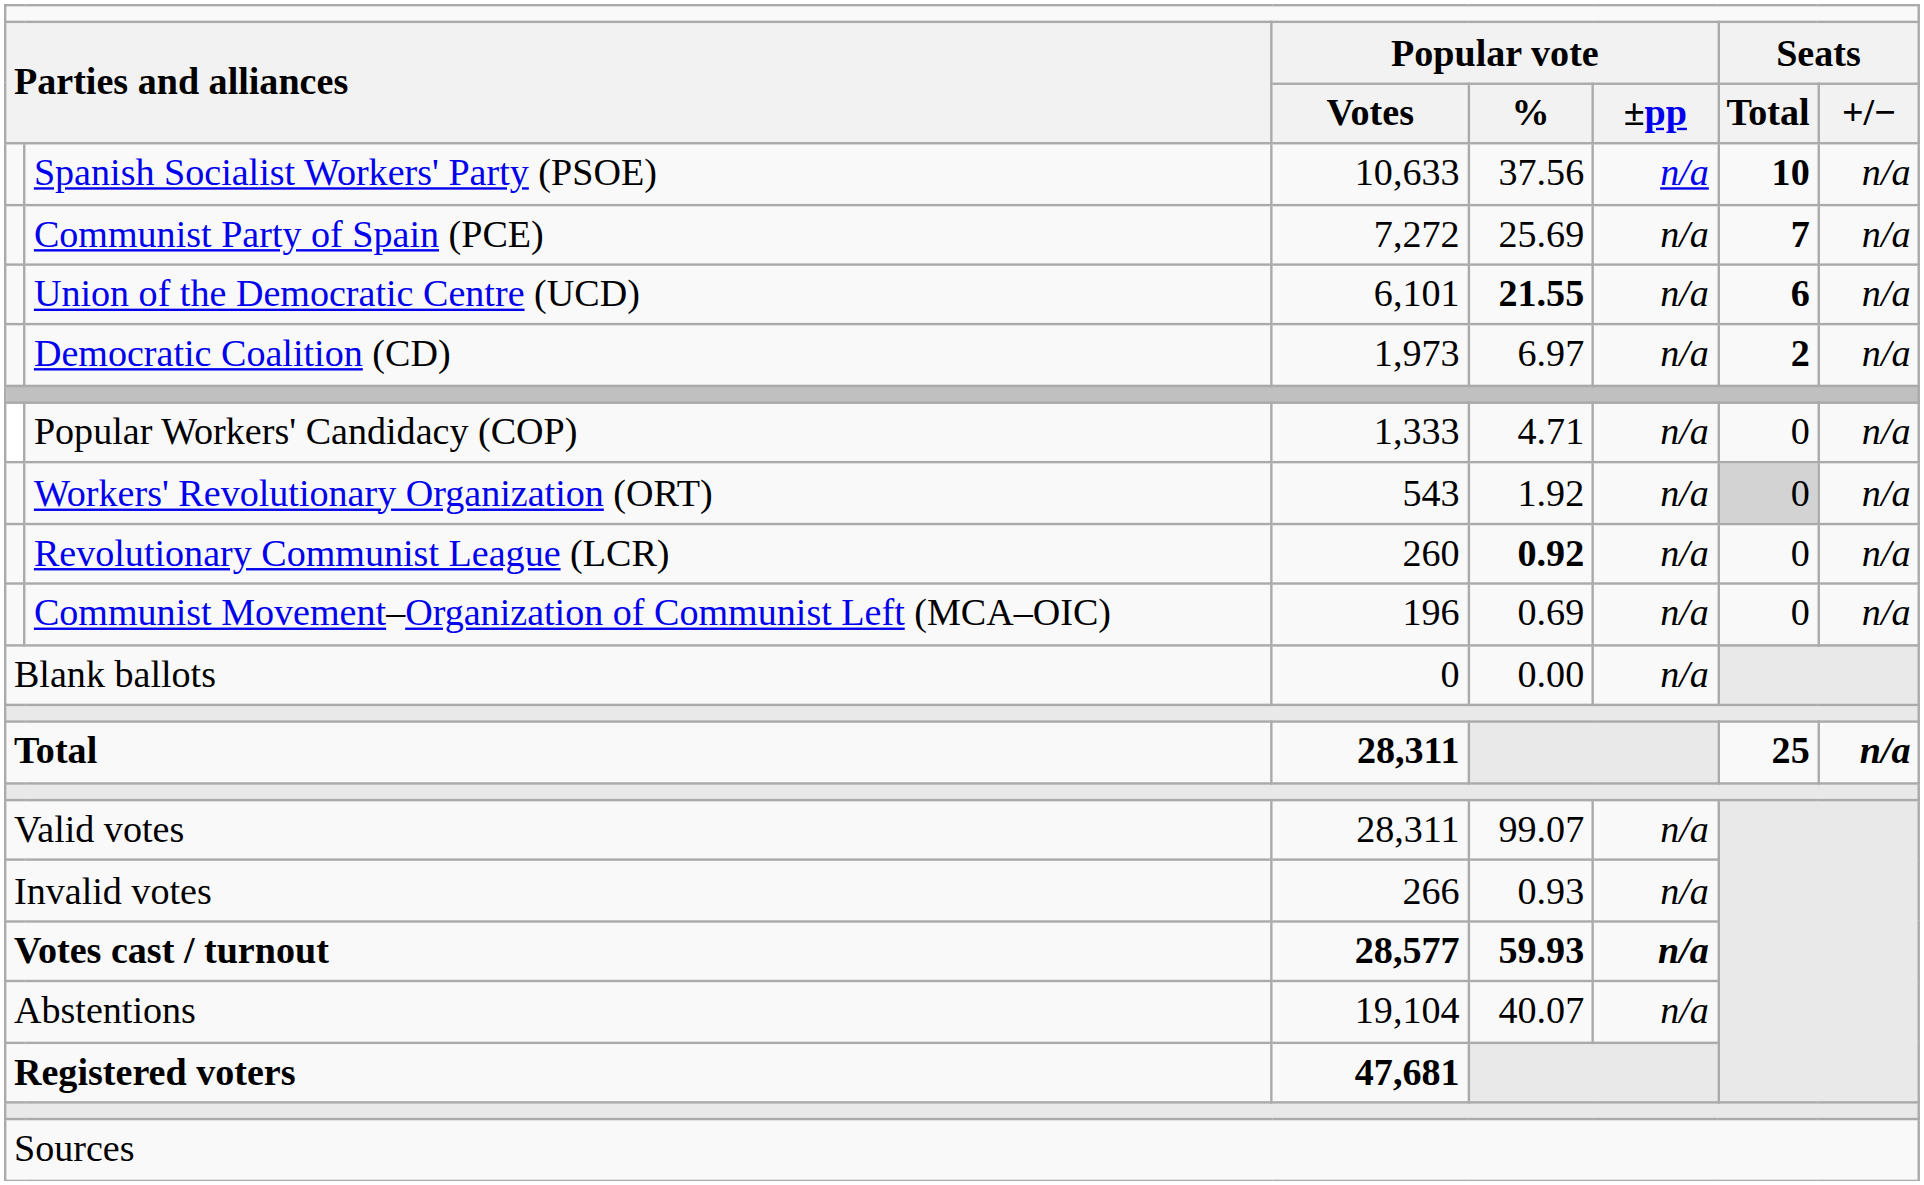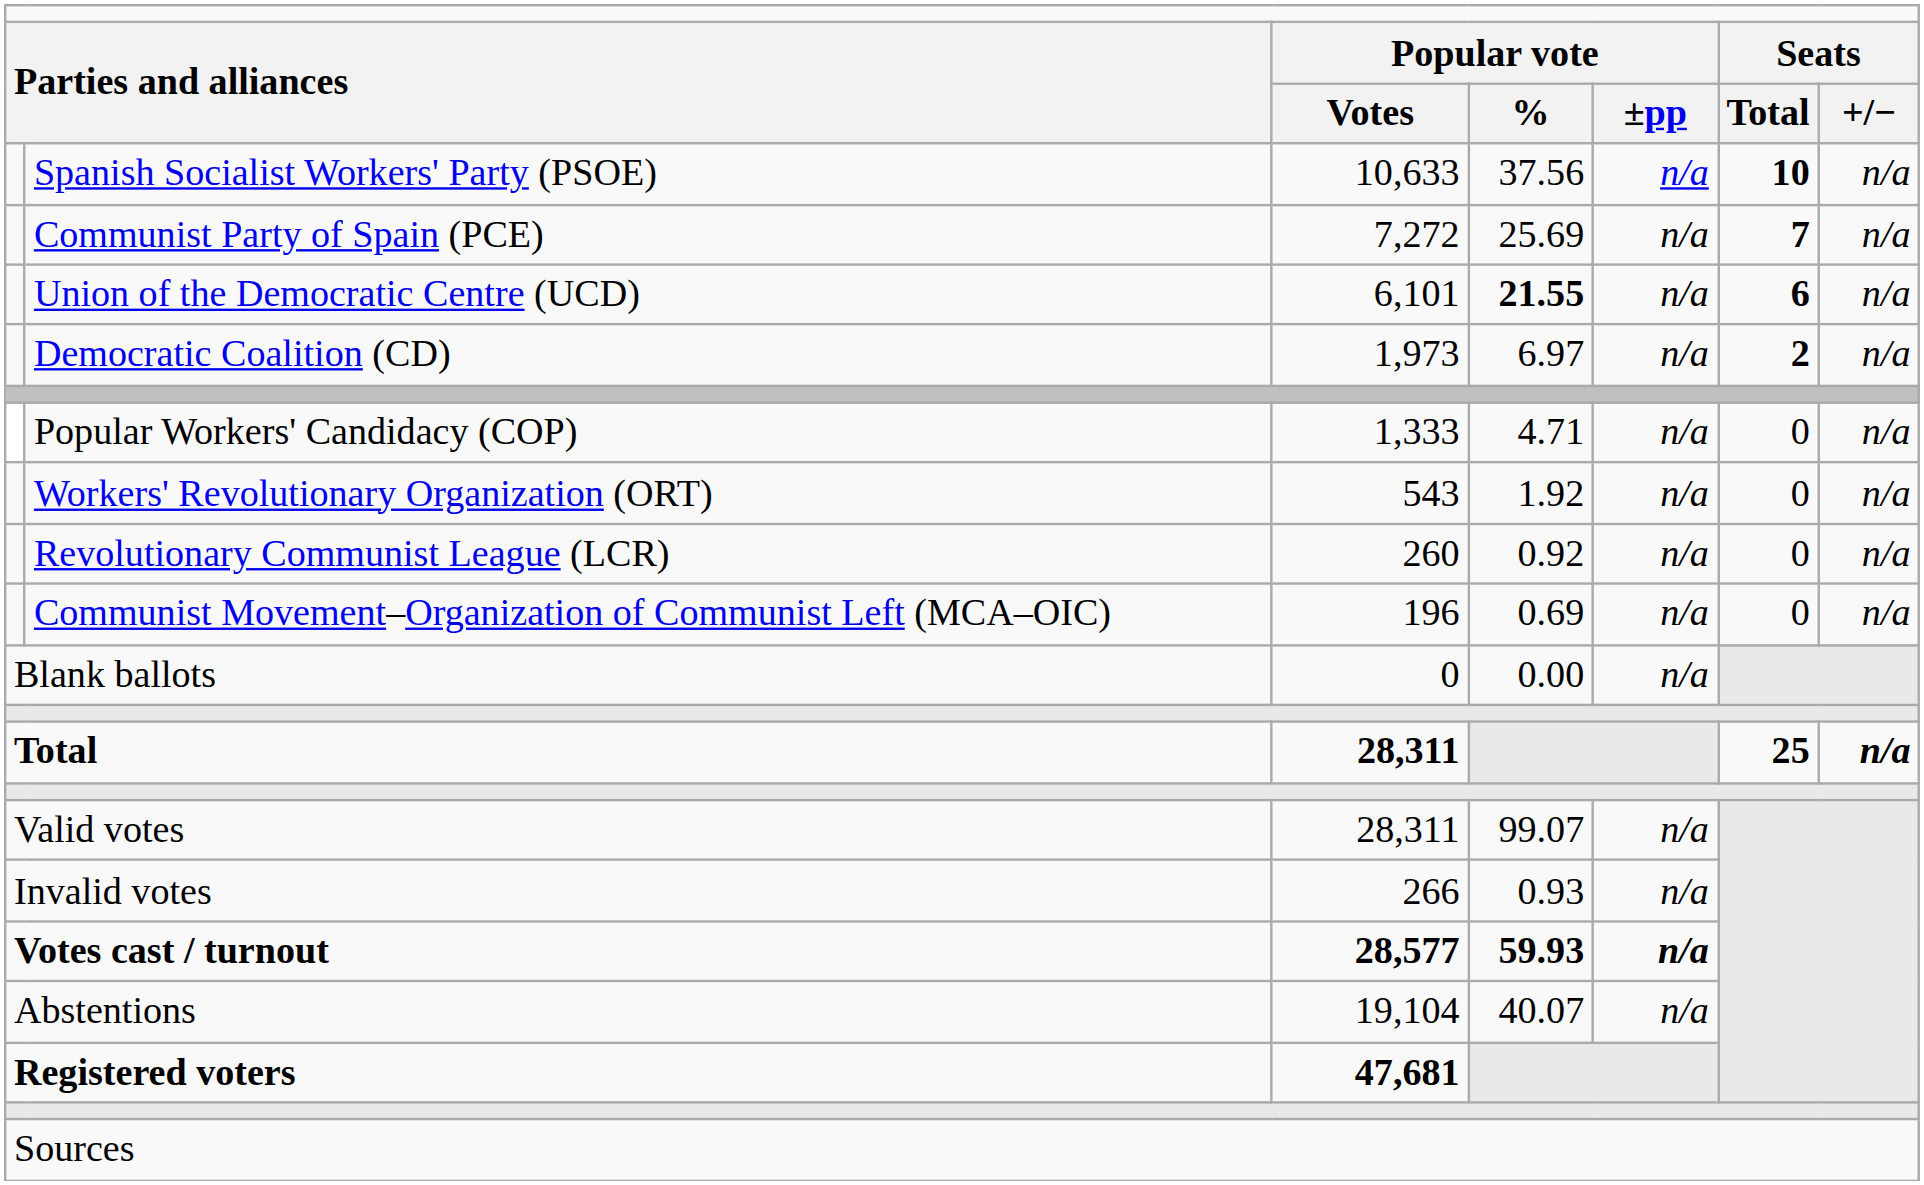 <table class="wikitable" style="text-align:right;">
 <tr>
 <td colspan="7"></td>
 </tr>
 <tr>
 <th style="text-align:left;" rowspan="2" colspan="2" width="525">Parties and alliances</th>
 <th colspan="3">Popular vote</th>
 <th colspan="2">Seats</th>
 </tr>
 <tr>
 <th width="75">Votes</th>
 <th width="45">%</th>
 <th width="45">±<a href='#'>pp</a></th>
 <th width="35">Total</th>
 <th width="35">+/−</th>
 </tr>
 <tr>
 <td width="1" style="color:inherit;background:"></td>
 <td align="left"><a href='#'>Spanish Socialist Workers' Party</a> (PSOE)</td>
 <td>10,633</td>
 <td>37.56</td>
 <td><em><a href='#'>n/a</a></em></td>
 <td><strong>10</strong></td>
 <td><em>n/a</em></td>
 </tr>
 <tr>
 <td style="color:inherit;background:"></td>
 <td align="left"><a href='#'>Communist Party of Spain</a> (PCE)</td>
 <td>7,272</td>
 <td>25.69</td>
 <td><em>n/a</em></td>
 <td><strong>7</strong></td>
 <td><em>n/a</em></td>
 </tr>
 <tr>
 <td style="color:inherit;background:"></td>
 <td align="left"><a href='#'>Union of the Democratic Centre</a> (UCD)</td>
 <td>6,101</td>
 <td><strong>21.55</strong></td>
 <td><em>n/a</em></td>
 <td><strong>6</strong></td>
 <td><em>n/a</em></td>
 </tr>
 <tr>
 <td style="color:inherit;background:"></td>
 <td align="left"><a href='#'>Democratic Coalition</a> (CD)</td>
 <td>1,973</td>
 <td>6.97</td>
 <td><em>n/a</em></td>
 <td><strong>2</strong></td>
 <td><em>n/a</em></td>
 </tr>
 <tr>
 <td colspan="7" bgcolor="#C0C0C0"></td>
 </tr>
 <tr>
 <td bgcolor="white"></td>
 <td align="left">Popular Workers' Candidacy (COP)</td>
 <td>1,333</td>
 <td>4.71</td>
 <td><em>n/a</em></td>
 <td>0</td>
 <td><em>n/a</em></td>
 </tr>
 <tr>
 <td style="color:inherit;background:"></td>
 <td align="left"><a href='#'>Workers' Revolutionary Organization</a> (ORT)</td>
 <td>543</td>
 <td>1.92</td>
 <td><em>n/a</em></td>
-<td style="background: lightgrey;">0</td>
+<td>0</td>
 <td><em>n/a</em></td>
 </tr>
 <tr>
 <td style="color:inherit;background:"></td>
 <td align="left"><a href='#'>Revolutionary Communist League</a> (LCR)</td>
 <td>260</td>
-<td><strong>0.92</strong></td>
+<td>0.92</td>
 <td><em>n/a</em></td>
 <td>0</td>
 <td><em>n/a</em></td>
 </tr>
 <tr>
 <td style="color:inherit;background:"></td>
 <td align="left"><a href='#'>Communist Movement</a>–<a href='#'>Organization of Communist Left</a> (MCA–OIC)</td>
 <td>196</td>
 <td>0.69</td>
 <td><em>n/a</em></td>
 <td>0</td>
 <td><em>n/a</em></td>
 </tr>
 <tr>
 <td align="left" colspan="2">Blank ballots</td>
 <td>0</td>
 <td>0.00</td>
 <td><em>n/a</em></td>
 <td bgcolor="#E9E9E9" colspan="2"></td>
 </tr>
 <tr>
 <td colspan="7" bgcolor="#E9E9E9"></td>
 </tr>
 <tr style="font-weight:bold;">
 <td align="left" colspan="2">Total</td>
 <td>28,311</td>
 <td bgcolor="#E9E9E9" colspan="2"></td>
 <td>25</td>
 <td><em>n/a</em></td>
 </tr>
 <tr>
 <td colspan="7" bgcolor="#E9E9E9"></td>
 </tr>
 <tr>
 <td align="left" colspan="2">Valid votes</td>
 <td>28,311</td>
 <td>99.07</td>
 <td><em>n/a</em></td>
 <td bgcolor="#E9E9E9" colspan="2" rowspan="5"></td>
 </tr>
 <tr>
 <td align="left" colspan="2">Invalid votes</td>
 <td>266</td>
 <td>0.93</td>
 <td><em>n/a</em></td>
 </tr>
 <tr style="font-weight:bold;">
 <td align="left" colspan="2">Votes cast / turnout</td>
 <td>28,577</td>
 <td>59.93</td>
 <td><em>n/a</em></td>
 </tr>
 <tr>
 <td align="left" colspan="2">Abstentions</td>
 <td>19,104</td>
 <td>40.07</td>
 <td><em>n/a</em></td>
 </tr>
 <tr style="font-weight:bold;">
 <td align="left" colspan="2">Registered voters</td>
 <td>47,681</td>
 <td bgcolor="#E9E9E9" colspan="2"></td>
 </tr>
 <tr>
 <td colspan="7" bgcolor="#E9E9E9"></td>
 </tr>
 <tr>
 <td align="left" colspan="7">Sources</td>
 </tr>
 </table>
